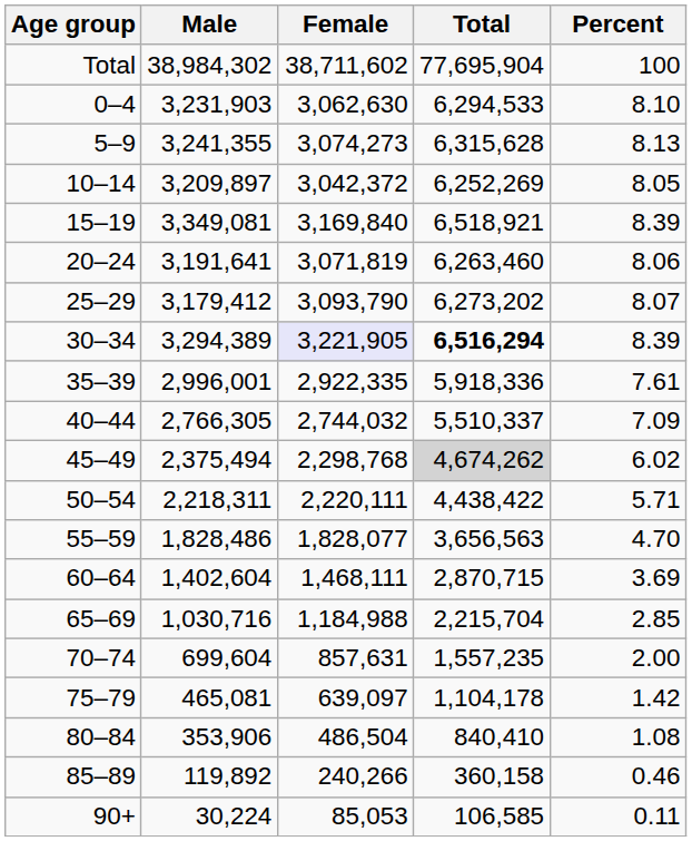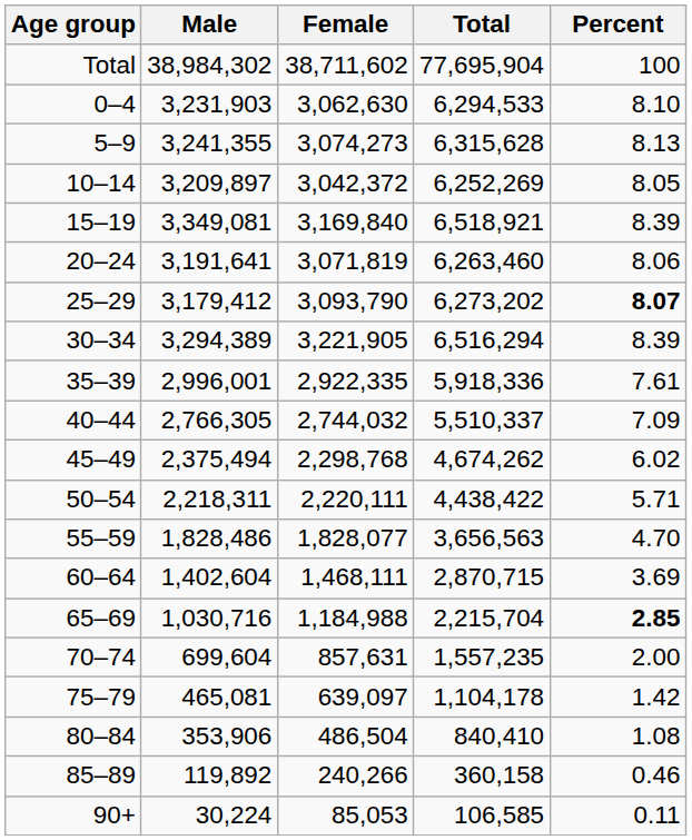 <table class="wikitable">
 <tr>
 <th width="80pt">Age group</th>
 <th width="80pt">Male</th>
 <th width="80pt">Female</th>
 <th width="80pt">Total</th>
 <th width="80pt">Percent</th>
 </tr>
 <tr>
 <td align="right">Total</td>
 <td align="right">38,984,302</td>
 <td align="right">38,711,602</td>
 <td align="right">77,695,904</td>
 <td align="right">100</td>
 </tr>
 <tr>
 <td align="right">0–4</td>
 <td align="right">3,231,903</td>
 <td align="right">3,062,630</td>
 <td align="right">6,294,533</td>
 <td align="right">8.10</td>
 </tr>
 <tr>
 <td align="right">5–9</td>
 <td align="right">3,241,355</td>
 <td align="right">3,074,273</td>
 <td align="right">6,315,628</td>
 <td align="right">8.13</td>
 </tr>
 <tr>
 <td align="right">10–14</td>
 <td align="right">3,209,897</td>
 <td align="right">3,042,372</td>
 <td align="right">6,252,269</td>
 <td align="right">8.05</td>
 </tr>
 <tr>
 <td align="right">15–19</td>
 <td align="right">3,349,081</td>
 <td align="right">3,169,840</td>
 <td align="right">6,518,921</td>
 <td align="right">8.39</td>
 </tr>
 <tr>
 <td align="right">20–24</td>
 <td align="right">3,191,641</td>
 <td align="right">3,071,819</td>
 <td align="right">6,263,460</td>
 <td align="right">8.06</td>
 </tr>
 <tr>
 <td align="right">25–29</td>
 <td align="right">3,179,412</td>
 <td align="right">3,093,790</td>
 <td align="right">6,273,202</td>
-<td align="right">8.07</td>
+<td align="right"><strong>8.07</strong></td>
 </tr>
 <tr>
 <td align="right">30–34</td>
 <td align="right">3,294,389</td>
-<td align="right" style="background: lavender;">3,221,905</td>
-<td align="right"><strong>6,516,294</strong></td>
+<td align="right">3,221,905</td>
+<td align="right">6,516,294</td>
 <td align="right">8.39</td>
 </tr>
 <tr>
 <td align="right">35–39</td>
 <td align="right">2,996,001</td>
 <td align="right">2,922,335</td>
 <td align="right">5,918,336</td>
 <td align="right">7.61</td>
 </tr>
 <tr>
 <td align="right">40–44</td>
 <td align="right">2,766,305</td>
 <td align="right">2,744,032</td>
 <td align="right">5,510,337</td>
 <td align="right">7.09</td>
 </tr>
 <tr>
 <td align="right">45–49</td>
 <td align="right">2,375,494</td>
 <td align="right">2,298,768</td>
-<td align="right" style="background: lightgrey;">4,674,262</td>
+<td align="right">4,674,262</td>
 <td align="right">6.02</td>
 </tr>
 <tr>
 <td align="right">50–54</td>
 <td align="right">2,218,311</td>
 <td align="right">2,220,111</td>
 <td align="right">4,438,422</td>
 <td align="right">5.71</td>
 </tr>
 <tr>
 <td align="right">55–59</td>
 <td align="right">1,828,486</td>
 <td align="right">1,828,077</td>
 <td align="right">3,656,563</td>
 <td align="right">4.70</td>
 </tr>
 <tr>
 <td align="right">60–64</td>
 <td align="right">1,402,604</td>
 <td align="right">1,468,111</td>
 <td align="right">2,870,715</td>
 <td align="right">3.69</td>
 </tr>
 <tr>
 <td align="right">65–69</td>
 <td align="right">1,030,716</td>
 <td align="right">1,184,988</td>
 <td align="right">2,215,704</td>
-<td align="right">2.85</td>
+<td align="right"><strong>2.85</strong></td>
 </tr>
 <tr>
 <td align="right">70–74</td>
 <td align="right">699,604</td>
 <td align="right">857,631</td>
 <td align="right">1,557,235</td>
 <td align="right">2.00</td>
 </tr>
 <tr>
 <td align="right">75–79</td>
 <td align="right">465,081</td>
 <td align="right">639,097</td>
 <td align="right">1,104,178</td>
 <td align="right">1.42</td>
 </tr>
 <tr>
 <td align="right">80–84</td>
 <td align="right">353,906</td>
 <td align="right">486,504</td>
 <td align="right">840,410</td>
 <td align="right">1.08</td>
 </tr>
 <tr>
 <td align="right">85–89</td>
 <td align="right">119,892</td>
 <td align="right">240,266</td>
 <td align="right">360,158</td>
 <td align="right">0.46</td>
 </tr>
 <tr>
 <td align="right">90+</td>
 <td align="right">30,224</td>
 <td align="right">85,053</td>
 <td align="right">106,585</td>
 <td align="right">0.11</td>
 </tr>
 <tr>
 </tr>
 </table>
